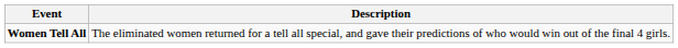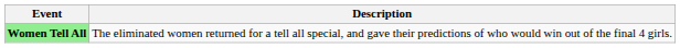 <table class="wikitable sortable" style="text-align:center;">
 <tr>
 <th>Event</th>
 <th>Description</th>
 </tr>
 <tr>
-<td><strong>Women Tell All</strong></td>
+<td style="background: lightgreen;"><strong>Women Tell All</strong></td>
 <td>The eliminated women returned for a tell all special, and gave their predictions of who would win out of the final 4 girls.</td>
 </tr>
 </table>
